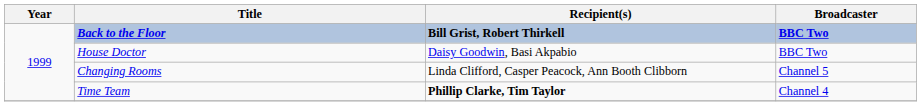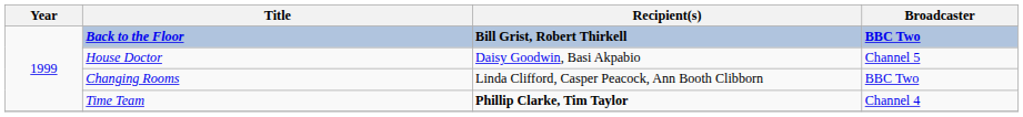 <table class="wikitable" width="95%">
 <tr>
 <th width=5%>Year</th>
 <th width=25%>Title</th>
 <th width=25%><strong>Recipient(s)</strong></th>
 <th width=10%><strong>Broadcaster</strong></th>
 </tr>
 <tr>
 <td rowspan="4" style="text-align:center;"><a href='#'>1999</a></td>
 <td style="background:#B0C4DE;"><strong><em><a href='#'>Back to the Floor</a></em></strong></td>
 <td style="background:#B0C4DE;"><strong>Bill Grist, Robert Thirkell</strong></td>
 <td style="background:#B0C4DE;"><strong><a href='#'>BBC Two</a></strong></td>
 </tr>
 <tr>
 <td><em><a href='#'>House Doctor</a></em></td>
 <td><a href='#'>Daisy Goodwin</a>, Basi Akpabio</td>
-<td><a href='#'>BBC Two</a></td>
+<td><a href='#'>Channel 5</a></td>
 </tr>
 <tr>
 <td><em><a href='#'>Changing Rooms</a></em></td>
 <td>Linda Clifford, Casper Peacock, Ann Booth Clibborn</td>
-<td><a href='#'>Channel 5</a></td>
+<td><a href='#'>BBC Two</a></td>
 </tr>
 <tr>
 <td><em><a href='#'>Time Team</a></em></td>
 <td><strong>Phillip Clarke, Tim Taylor</strong></td>
 <td><a href='#'>Channel 4</a></td>
 </tr>
 <tr>
 </tr>
 </table>
